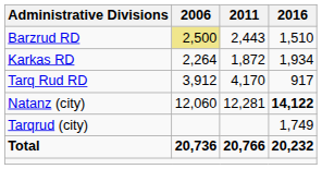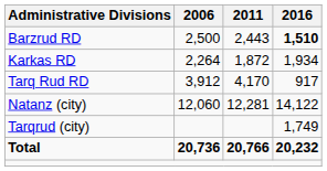 <table class="wikitable">
 <tr>
 <th>Administrative Divisions</th>
 <th>2006</th>
 <th>2011</th>
 <th>2016</th>
 </tr>
 <tr>
 <td><a href='#'>Barzrud RD</a></td>
-<td style="background: khaki; text-align: right;">2,500</td>
+<td style="text-align: right;">2,500</td>
 <td style="text-align: right;">2,443</td>
-<td style="text-align: right;">1,510</td>
+<td style="text-align: right;"><strong>1,510</strong></td>
 </tr>
 <tr>
 <td><a href='#'>Karkas RD</a></td>
 <td style="text-align: right;">2,264</td>
 <td style="text-align: right;">1,872</td>
 <td style="text-align: right;">1,934</td>
 </tr>
 <tr>
 <td><a href='#'>Tarq Rud RD</a></td>
 <td style="text-align: right;">3,912</td>
 <td style="text-align: right;">4,170</td>
 <td style="text-align: right;">917</td>
 </tr>
 <tr>
 <td><a href='#'>Natanz</a> (city)</td>
 <td style="text-align: right;">12,060</td>
 <td style="text-align: right;">12,281</td>
-<td style="text-align: right;"><strong>14,122</strong></td>
+<td style="text-align: right;">14,122</td>
 </tr>
 <tr>
 <td><a href='#'>Tarqrud</a> (city)</td>
 <td style="text-align: right;"></td>
 <td style="text-align: right;"></td>
 <td style="text-align: right;">1,749</td>
 </tr>
 <tr>
 <td><strong>Total</strong></td>
 <td style="text-align: right;"><strong>20,736</strong></td>
 <td style="text-align: right;"><strong>20,766</strong></td>
 <td style="text-align: right;"><strong>20,232</strong></td>
 </tr>
 <tr>
 <td colspan=4></td>
 </tr>
 </table>
